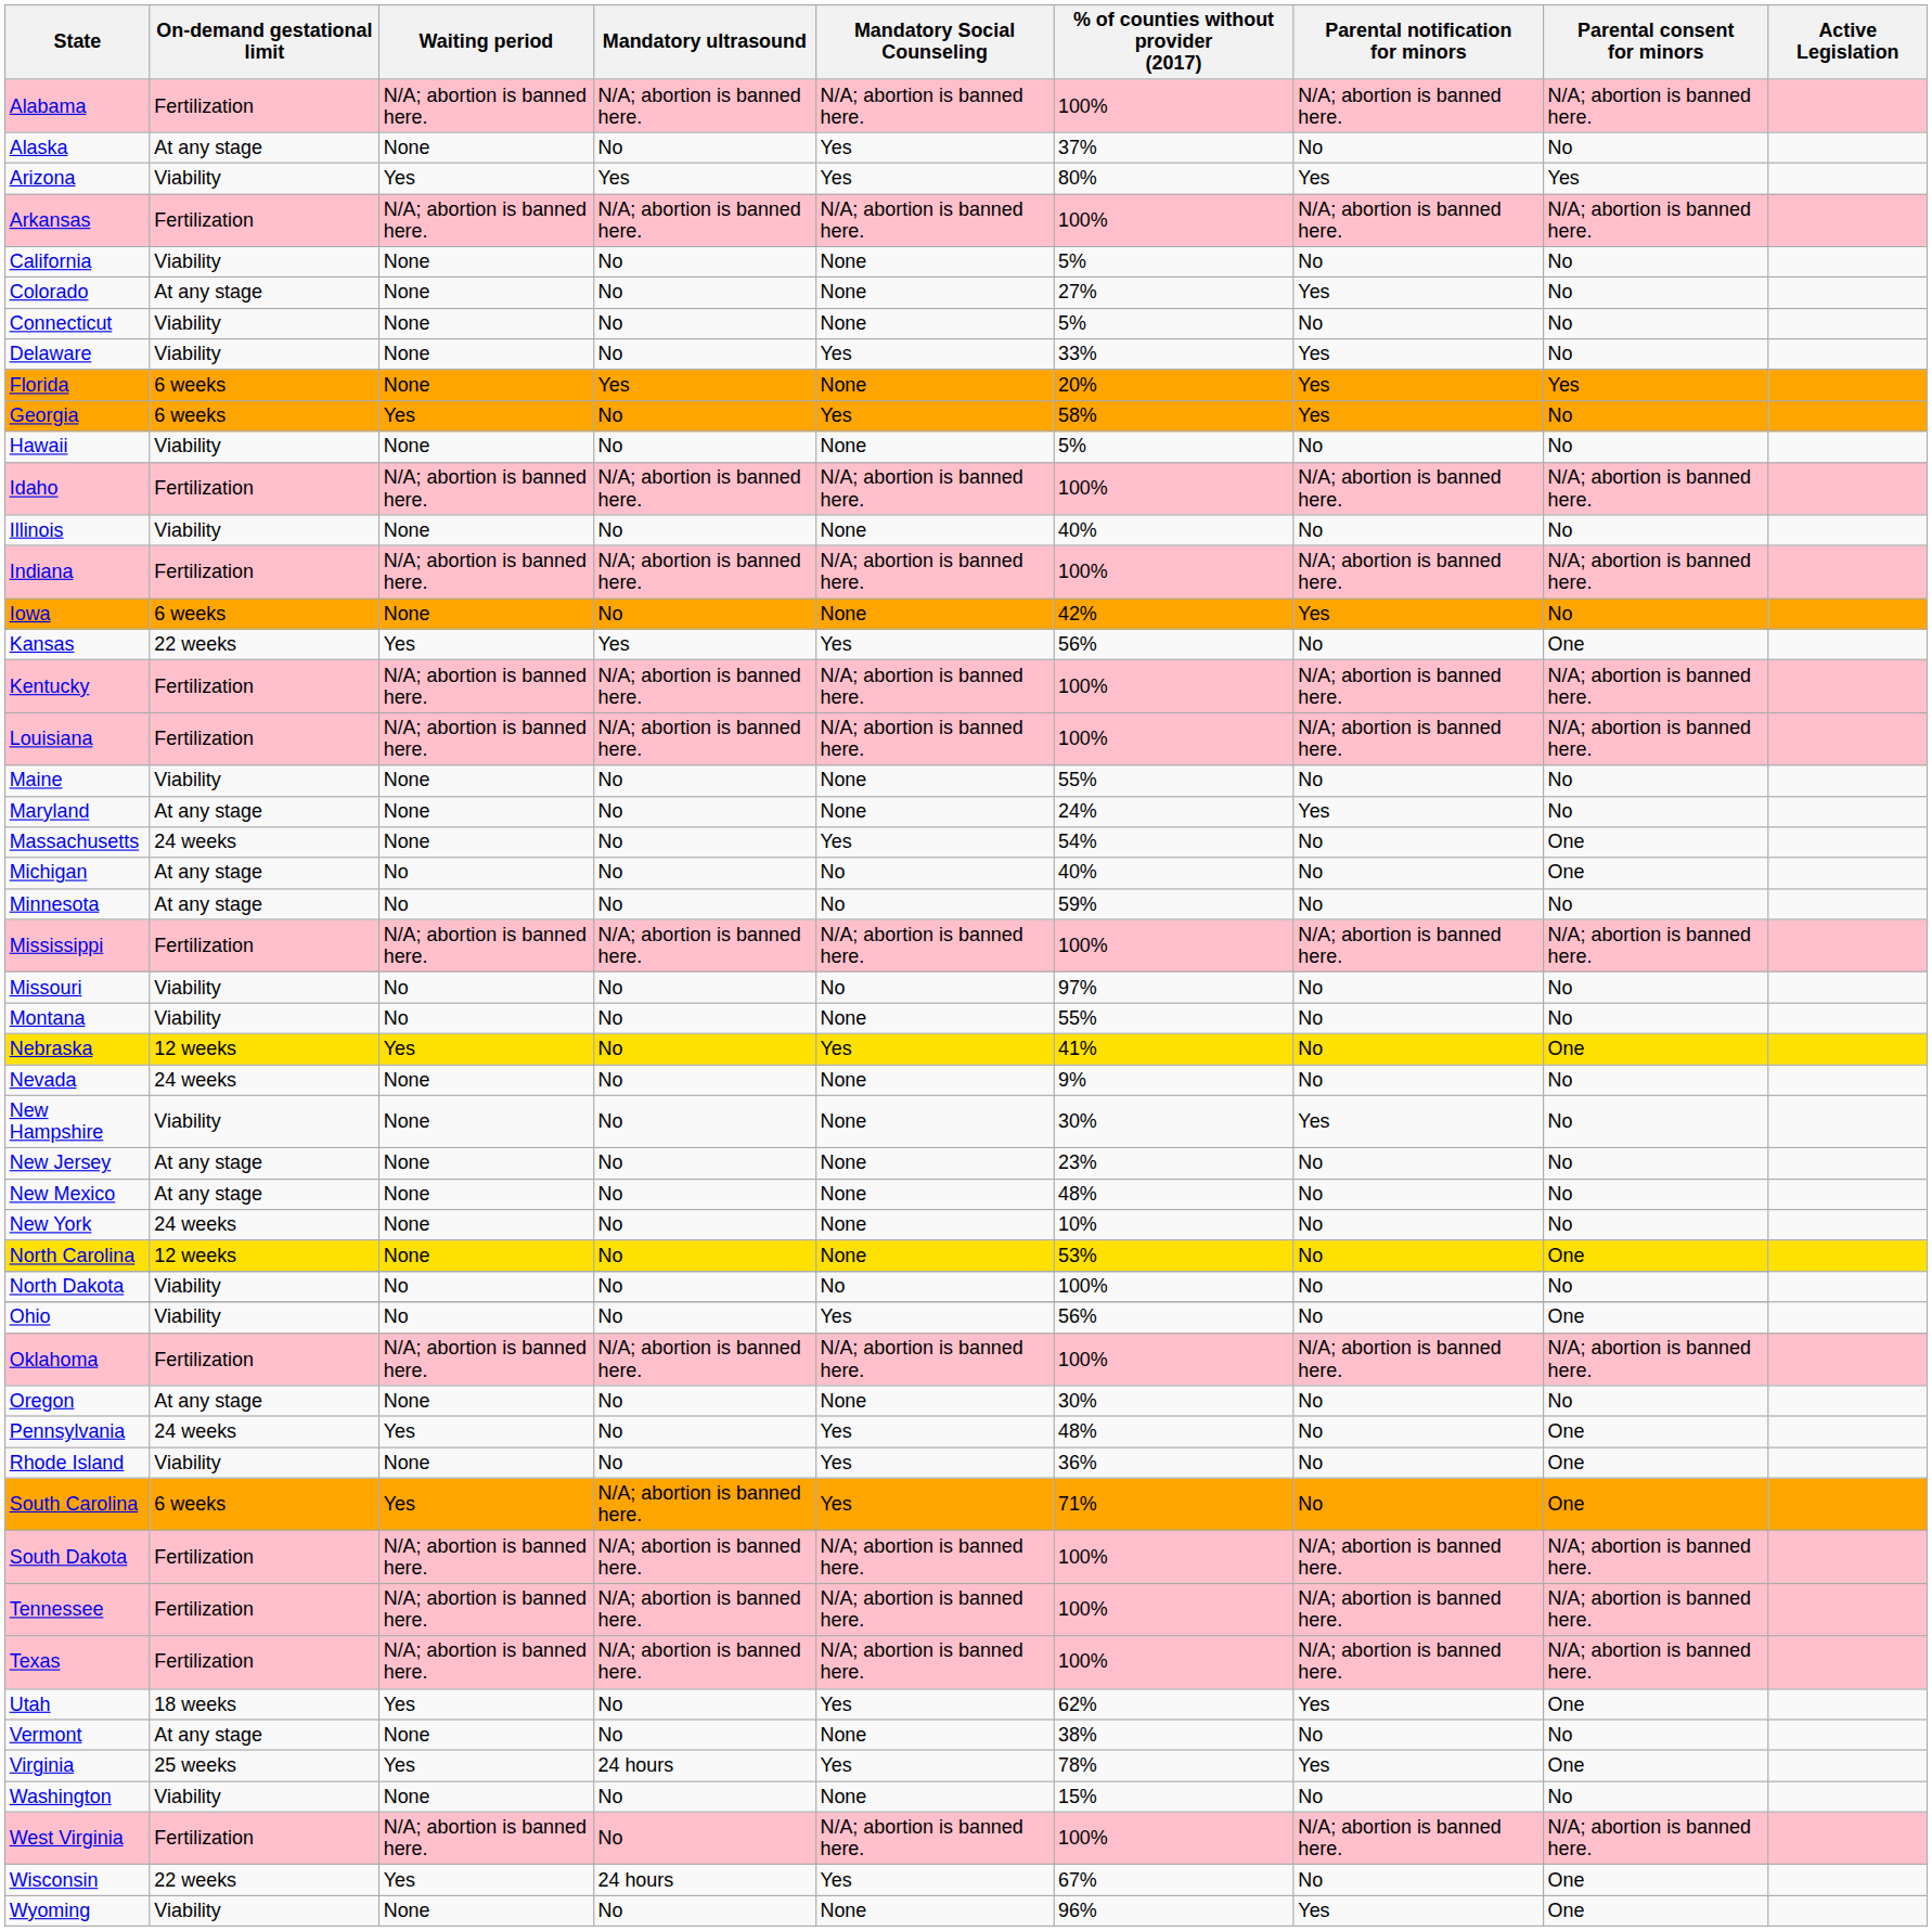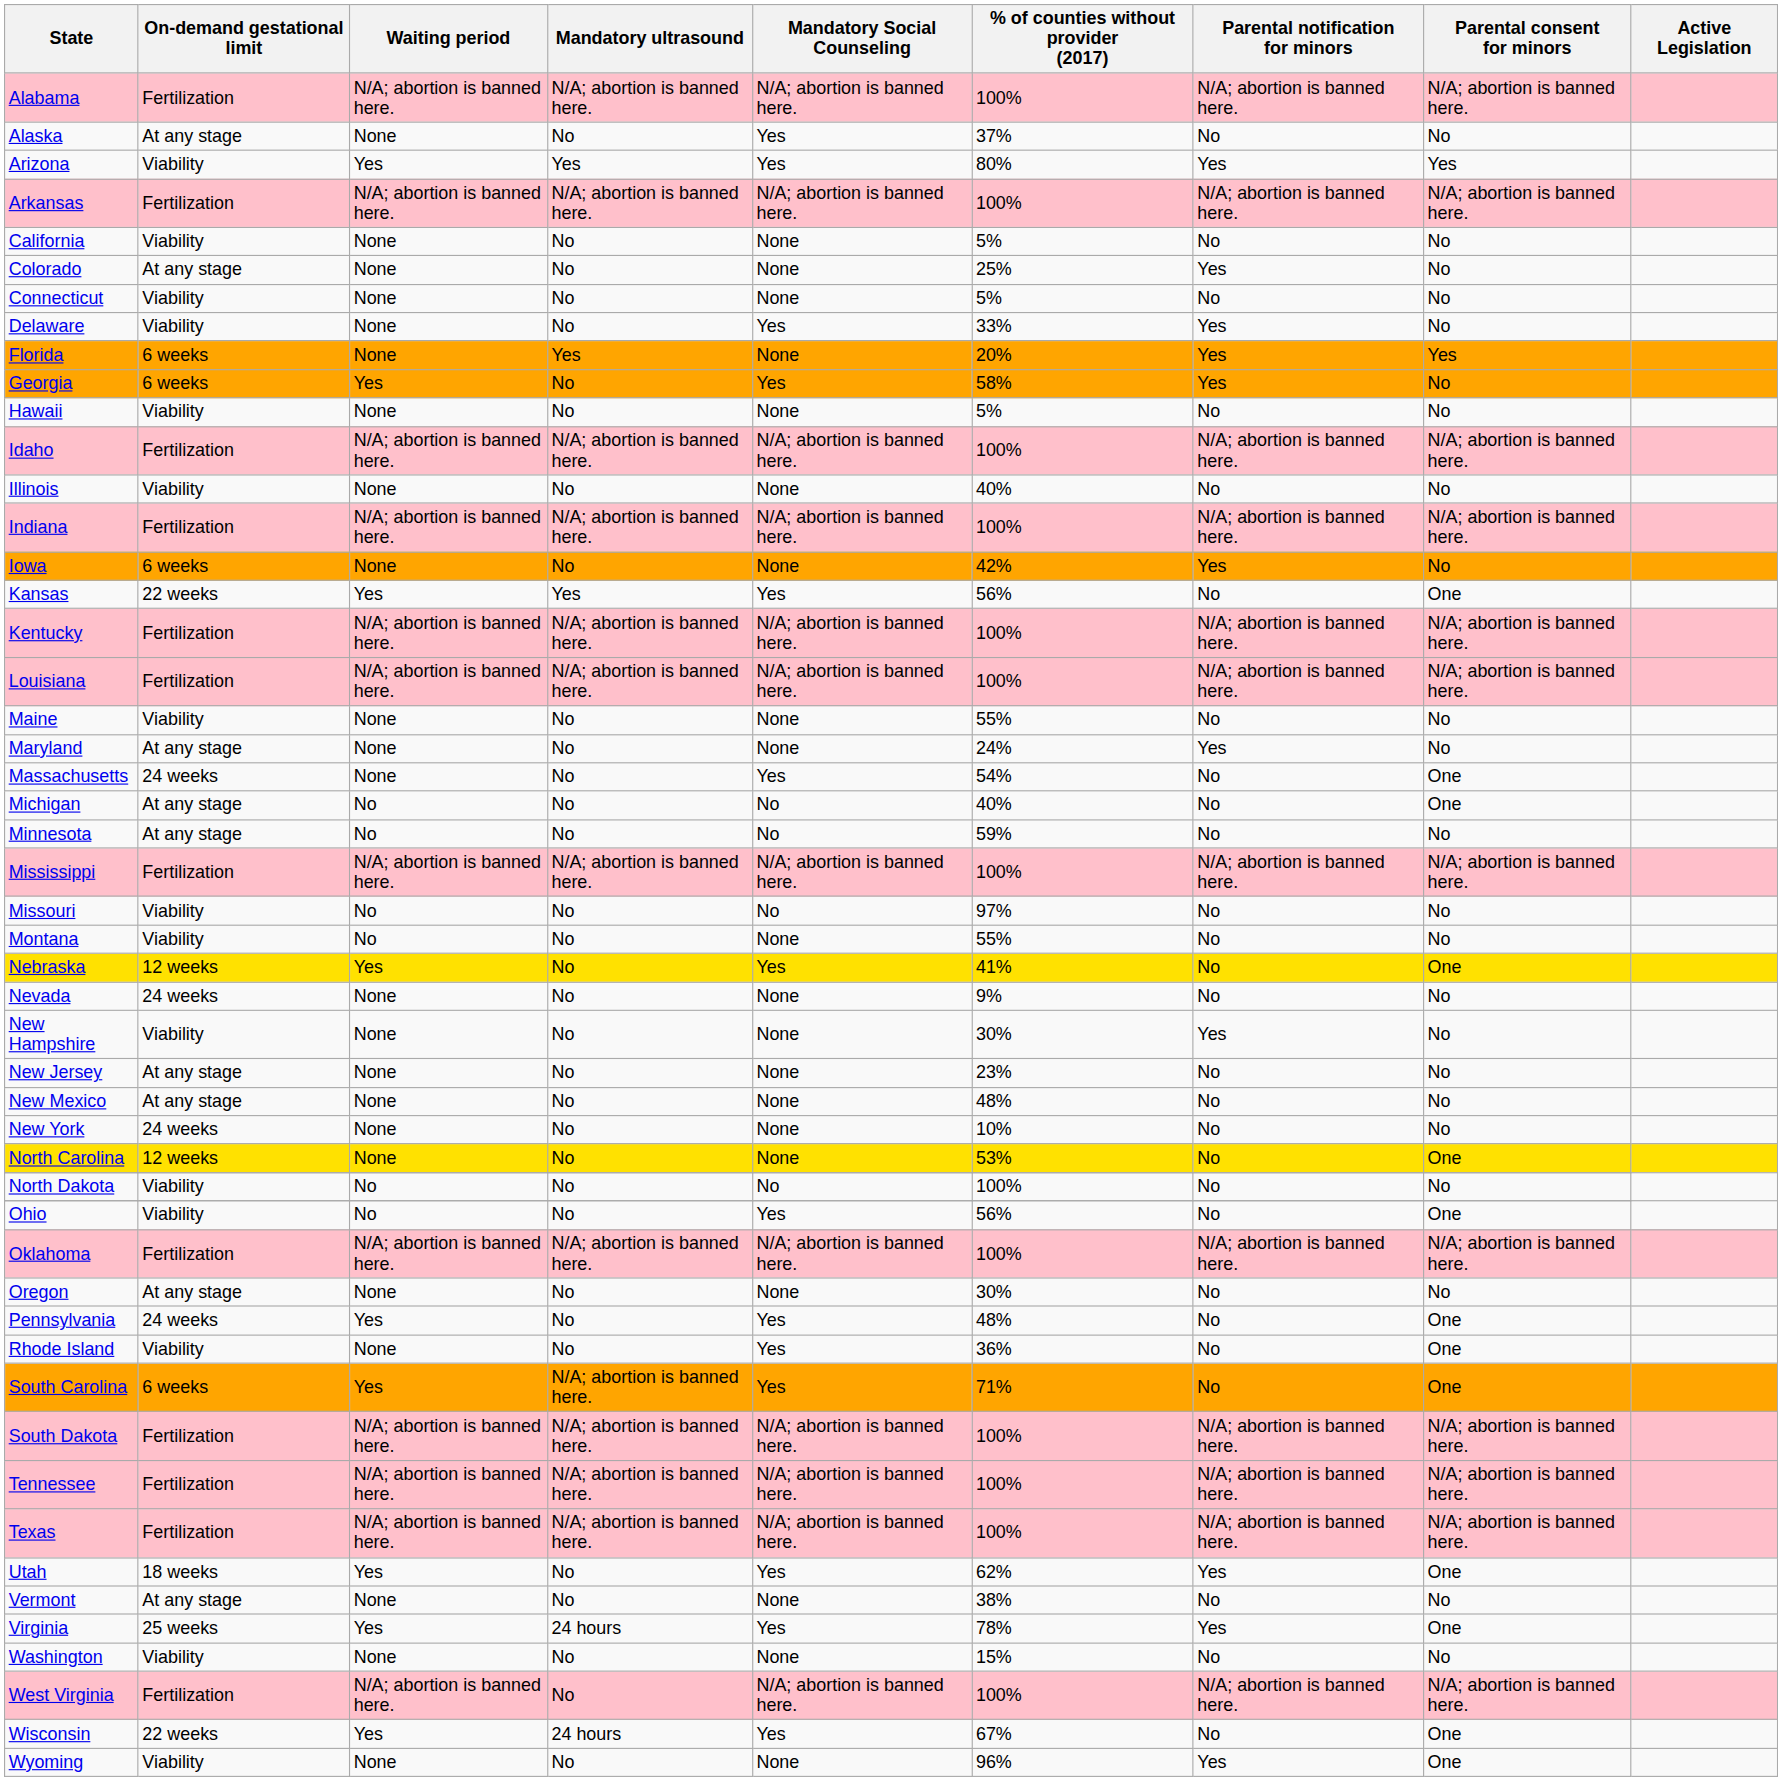 <table class="wikitable sortable" style="margin-left: auto; margin-right: auto; vertical-align: top;">
 <tr>
 <th>State</th>
 <th>On-demand gestational limit</th>
 <th>Waiting period</th>
 <th>Mandatory ultrasound</th>
 <th>Mandatory Social Counseling</th>
 <th>% of counties without provider<br>(2017)</th>
 <th>Parental notification for minors</th>
 <th>Parental consent for minors</th>
 <th>Active Legislation</th>
 </tr>
 <tr style="background:pink;">
 <td><a href='#'>Alabama</a></td>
 <td> Fertilization</td>
 <td> N/A; abortion is banned here.</td>
 <td> N/A; abortion is banned here.</td>
 <td> N/A; abortion is banned here.</td>
 <td> 100%</td>
 <td> N/A; abortion is banned here.</td>
 <td>N/A; abortion is banned here.</td>
 <td></td>
 </tr>
 <tr>
 <td><a href='#'>Alaska</a></td>
 <td> At any stage</td>
 <td> None</td>
 <td> No</td>
 <td> Yes</td>
 <td>37%</td>
 <td> No</td>
 <td> No</td>
 </tr>
 <tr>
 <td><a href='#'>Arizona</a></td>
 <td> Viability</td>
 <td> Yes</td>
 <td> Yes</td>
 <td> Yes</td>
 <td>80%</td>
 <td> Yes</td>
 <td> Yes</td>
 <td></td>
 </tr>
 <tr style="background: pink;">
 <td><a href='#'>Arkansas</a></td>
 <td> Fertilization</td>
 <td> N/A; abortion is banned here.</td>
 <td> N/A; abortion is banned here.</td>
 <td> N/A; abortion is banned here.</td>
 <td> 100%</td>
 <td> N/A; abortion is banned here.</td>
 <td>N/A; abortion is banned here.</td>
 <td></td>
 </tr>
 <tr>
 <td><a href='#'>California</a></td>
 <td> Viability</td>
 <td> None</td>
 <td> No</td>
 <td> None</td>
 <td>5%</td>
 <td> No</td>
 <td> No</td>
 <td></td>
 </tr>
 <tr>
 <td><a href='#'>Colorado</a></td>
 <td> At any stage</td>
 <td> None</td>
 <td> No</td>
 <td> None</td>
-<td>27%</td>
+<td>25%</td>
 <td>Yes</td>
 <td> No</td>
 <td></td>
 </tr>
 <tr>
 <td><a href='#'>Connecticut</a></td>
 <td> Viability</td>
 <td> None</td>
 <td> No</td>
 <td> None</td>
 <td>5%</td>
 <td> No</td>
 <td> No</td>
 <td></td>
 </tr>
 <tr>
 <td><a href='#'>Delaware</a></td>
 <td> Viability</td>
 <td> None</td>
 <td> No</td>
 <td> Yes</td>
 <td>33%</td>
 <td> Yes</td>
 <td> No</td>
 <td></td>
 </tr>
 <tr style="background:orange">
 <td><a href='#'>Florida</a></td>
 <td>6 weeks</td>
 <td> None</td>
 <td> Yes</td>
 <td> None</td>
 <td>20%</td>
 <td> Yes</td>
 <td> Yes</td>
 <td></td>
 </tr>
 <tr style="background:orange">
 <td><a href='#'>Georgia</a></td>
 <td>6 weeks</td>
 <td> Yes</td>
 <td> No</td>
 <td> Yes</td>
 <td>58%</td>
 <td> Yes</td>
 <td> No</td>
 <td></td>
 </tr>
 <tr>
 <td><a href='#'>Hawaii</a></td>
 <td> Viability</td>
 <td> None</td>
 <td> No</td>
 <td> None</td>
 <td>5%</td>
 <td> No</td>
 <td> No</td>
 <td></td>
 </tr>
 <tr style="background:pink;">
 <td><a href='#'>Idaho</a></td>
 <td> Fertilization</td>
 <td> N/A; abortion is banned here.</td>
 <td> N/A; abortion is banned here.</td>
 <td> N/A; abortion is banned here.</td>
 <td> 100%</td>
 <td> N/A; abortion is banned here.</td>
 <td>N/A; abortion is banned here.</td>
 <td></td>
 </tr>
 <tr>
 <td><a href='#'>Illinois</a></td>
 <td> Viability</td>
 <td> None</td>
 <td> No</td>
 <td> None</td>
 <td>40%</td>
 <td> No</td>
 <td> No</td>
 <td></td>
 </tr>
 <tr style="background:pink;">
 <td><a href='#'>Indiana</a></td>
 <td> Fertilization</td>
 <td> N/A; abortion is banned here.</td>
 <td> N/A; abortion is banned here.</td>
 <td> N/A; abortion is banned here.</td>
 <td> 100%</td>
 <td> N/A; abortion is banned here.</td>
 <td>N/A; abortion is banned here.</td>
 <td></td>
 </tr>
 <tr style="background:orange;">
 <td><a href='#'>Iowa</a></td>
 <td> 6 weeks</td>
 <td> None</td>
 <td> No</td>
 <td> None</td>
 <td>42%</td>
 <td> Yes</td>
 <td> No</td>
 <td></td>
 </tr>
 <tr>
 <td><a href='#'>Kansas</a></td>
 <td> 22 weeks</td>
 <td> Yes</td>
 <td> Yes</td>
 <td> Yes</td>
 <td>56%</td>
 <td> No</td>
 <td>One</td>
 <td></td>
 </tr>
 <tr style="background:pink;">
 <td><a href='#'>Kentucky</a></td>
 <td> Fertilization</td>
 <td> N/A; abortion is banned here.</td>
 <td> N/A; abortion is banned here.</td>
 <td> N/A; abortion is banned here.</td>
 <td> 100%</td>
 <td> N/A; abortion is banned here.</td>
 <td>N/A; abortion is banned here.</td>
 <td></td>
 </tr>
 <tr style="background: pink;">
 <td><a href='#'>Louisiana</a></td>
 <td> Fertilization</td>
 <td> N/A; abortion is banned here.</td>
 <td> N/A; abortion is banned here.</td>
 <td> N/A; abortion is banned here.</td>
 <td> 100%</td>
 <td> N/A; abortion is banned here.</td>
 <td>N/A; abortion is banned here.</td>
 <td></td>
 </tr>
 <tr>
 <td><a href='#'>Maine</a></td>
 <td> Viability</td>
 <td> None</td>
 <td> No</td>
 <td> None</td>
 <td>55%</td>
 <td> No</td>
 <td> No</td>
 <td></td>
 </tr>
 <tr>
 <td><a href='#'>Maryland</a></td>
 <td>At any stage</td>
 <td> None</td>
 <td> No</td>
 <td> None</td>
 <td>24%</td>
 <td> Yes</td>
 <td> No</td>
 <td></td>
 </tr>
 <tr>
 <td><a href='#'>Massachusetts</a></td>
 <td> 24 weeks</td>
 <td> None</td>
 <td> No</td>
 <td> Yes</td>
 <td>54%</td>
 <td> No</td>
 <td>One</td>
 <td></td>
 </tr>
 <tr>
 <td><a href='#'>Michigan</a></td>
 <td>At any stage</td>
 <td> No</td>
 <td> No</td>
 <td> No</td>
 <td>40%</td>
 <td> No</td>
 <td>One</td>
 <td></td>
 </tr>
 <tr>
 <td><a href='#'>Minnesota</a></td>
 <td> At any stage</td>
 <td> No</td>
 <td> No</td>
 <td> No</td>
 <td>59%</td>
 <td> No</td>
 <td> No</td>
 <td></td>
 </tr>
 <tr style="background:pink;">
 <td><a href='#'>Mississippi</a></td>
 <td> Fertilization</td>
 <td> N/A; abortion is banned here.</td>
 <td> N/A; abortion is banned here.</td>
 <td> N/A; abortion is banned here.</td>
 <td> 100%</td>
 <td> N/A; abortion is banned here.</td>
 <td>N/A; abortion is banned here.</td>
 <td></td>
 </tr>
 <tr>
 <td><a href='#'>Missouri</a></td>
 <td> Viability</td>
 <td> No</td>
 <td> No</td>
 <td> No</td>
 <td> 97%</td>
 <td> No</td>
 <td> No</td>
 <td></td>
 </tr>
 <tr>
 <td><a href='#'>Montana</a></td>
 <td> Viability</td>
 <td> No</td>
 <td> No</td>
 <td> None</td>
 <td>55%</td>
 <td> No</td>
 <td> No</td>
 <td></td>
 </tr>
 <tr style="background: #ffe100;">
 <td><a href='#'>Nebraska</a></td>
 <td> 12 weeks</td>
 <td> Yes</td>
 <td> No</td>
 <td> Yes</td>
 <td>41%</td>
 <td> No</td>
 <td>One</td>
 <td></td>
 </tr>
 <tr>
 <td><a href='#'>Nevada</a></td>
 <td> 24 weeks</td>
 <td> None</td>
 <td> No</td>
 <td> None</td>
 <td>9%</td>
 <td> No</td>
 <td> No</td>
 <td></td>
 </tr>
 <tr>
 <td><a href='#'>New Hampshire</a></td>
 <td> Viability</td>
 <td> None</td>
 <td> No</td>
 <td> None</td>
 <td>30%</td>
 <td> Yes</td>
 <td> No</td>
 <td></td>
 </tr>
 <tr>
 <td><a href='#'>New Jersey</a></td>
 <td> At any stage</td>
 <td> None</td>
 <td> No</td>
 <td> None</td>
 <td>23%</td>
 <td> No</td>
 <td> No</td>
 <td></td>
 </tr>
 <tr>
 <td><a href='#'>New Mexico</a></td>
 <td> At any stage</td>
 <td> None</td>
 <td> No</td>
 <td> None</td>
 <td>48%</td>
 <td> No</td>
 <td> No</td>
 <td></td>
 </tr>
 <tr>
 <td><a href='#'>New York</a></td>
 <td> 24 weeks</td>
 <td> None</td>
 <td> No</td>
 <td> None</td>
 <td>10%</td>
 <td> No</td>
 <td> No</td>
 <td></td>
 </tr>
 <tr style="background: #ffe100;">
 <td><a href='#'>North Carolina</a></td>
 <td> 12 weeks</td>
 <td> None</td>
 <td> No</td>
 <td> None</td>
 <td>53%</td>
 <td> No</td>
 <td>One</td>
 <td></td>
 </tr>
 <tr>
 </tr>
 <tr>
 <td><a href='#'>North Dakota</a></td>
 <td> Viability</td>
 <td> No</td>
 <td> No</td>
 <td> No</td>
 <td> 100%</td>
 <td> No</td>
 <td> No</td>
 </tr>
 <tr>
 </tr>
 <tr>
 <td><a href='#'>Ohio</a></td>
 <td> Viability</td>
 <td> No</td>
 <td> No</td>
 <td> Yes</td>
 <td>56%</td>
 <td> No</td>
 <td>One</td>
 <td></td>
 </tr>
 <tr style="background:pink;">
 <td><a href='#'>Oklahoma</a></td>
 <td> Fertilization</td>
 <td> N/A; abortion is banned here.</td>
 <td> N/A; abortion is banned here.</td>
 <td> N/A; abortion is banned here.</td>
 <td> 100%</td>
 <td> N/A; abortion is banned here.</td>
 <td>N/A; abortion is banned here.</td>
 <td></td>
 </tr>
 <tr>
 <td><a href='#'>Oregon</a></td>
 <td> At any stage</td>
 <td> None</td>
 <td> No</td>
 <td> None</td>
 <td>30%</td>
 <td> No</td>
 <td> No</td>
 <td></td>
 </tr>
 <tr>
 <td><a href='#'>Pennsylvania</a></td>
 <td> 24 weeks</td>
 <td> Yes</td>
 <td> No</td>
 <td> Yes</td>
 <td>48%</td>
 <td> No</td>
 <td>One</td>
 <td></td>
 </tr>
 <tr>
 <td><a href='#'>Rhode Island</a></td>
 <td> Viability</td>
 <td> None</td>
 <td> No</td>
 <td> Yes</td>
 <td>36%</td>
 <td> No</td>
 <td>One</td>
 <td></td>
 </tr>
 <tr style="background:orange;">
 <td><a href='#'>South Carolina</a></td>
 <td>  6 weeks</td>
 <td> Yes</td>
 <td> N/A; abortion is banned here.</td>
 <td> Yes</td>
 <td>71%</td>
 <td> No</td>
 <td>One</td>
 <td></td>
 </tr>
 <tr style="background:pink;">
 <td><a href='#'>South Dakota</a></td>
 <td> Fertilization</td>
 <td> N/A; abortion is banned here.</td>
 <td> N/A; abortion is banned here.</td>
 <td> N/A; abortion is banned here.</td>
 <td> 100%</td>
 <td> N/A; abortion is banned here.</td>
 <td>N/A; abortion is banned here.</td>
 <td></td>
 </tr>
 <tr style="background: pink;">
 <td><a href='#'>Tennessee</a></td>
 <td> Fertilization</td>
 <td> N/A; abortion is banned here.</td>
 <td> N/A; abortion is banned here.</td>
 <td> N/A; abortion is banned here.</td>
 <td> 100%</td>
 <td> N/A; abortion is banned here.</td>
 <td>N/A; abortion is banned here.</td>
 <td></td>
 </tr>
 <tr style="background: pink;">
 <td><a href='#'>Texas</a></td>
 <td> Fertilization</td>
 <td> N/A; abortion is banned here.</td>
 <td> N/A; abortion is banned here.</td>
 <td> N/A; abortion is banned here.</td>
 <td> 100%</td>
 <td> N/A; abortion is banned here.</td>
 <td>N/A; abortion is banned here.</td>
 <td></td>
 </tr>
 <tr>
 <td><a href='#'>Utah</a></td>
 <td> 18 weeks</td>
 <td> Yes</td>
 <td> No</td>
 <td> Yes</td>
 <td>62%</td>
 <td> Yes</td>
 <td>One</td>
 <td></td>
 </tr>
 <tr>
 <td><a href='#'>Vermont</a></td>
 <td> At any stage</td>
 <td> None</td>
 <td> No</td>
 <td> None</td>
 <td>38%</td>
 <td> No</td>
 <td> No</td>
 <td></td>
 </tr>
 <tr>
 <td><a href='#'>Virginia</a></td>
 <td> 25 weeks</td>
 <td> Yes</td>
 <td> 24 hours</td>
 <td> Yes</td>
 <td>78%</td>
 <td> Yes</td>
 <td>One</td>
 <td></td>
 </tr>
 <tr>
 <td><a href='#'>Washington</a></td>
 <td> Viability</td>
 <td> None</td>
 <td> No</td>
 <td> None</td>
 <td>15%</td>
 <td> No</td>
 <td> No</td>
 <td></td>
 </tr>
 <tr style="background:pink;">
 <td><a href='#'>West Virginia</a></td>
 <td> Fertilization</td>
 <td> N/A; abortion is banned here.</td>
 <td> No</td>
 <td> N/A; abortion is banned here.</td>
 <td> 100%</td>
 <td> N/A; abortion is banned here.</td>
 <td>N/A; abortion is banned here.</td>
 <td></td>
 </tr>
 <tr>
 <td><a href='#'>Wisconsin</a></td>
 <td> 22 weeks</td>
 <td> Yes</td>
 <td> 24 hours</td>
 <td> Yes</td>
 <td>67%</td>
 <td> No</td>
 <td>One</td>
 <td></td>
 </tr>
 <tr>
 <td><a href='#'>Wyoming</a></td>
 <td> Viability</td>
 <td> None</td>
 <td> No</td>
 <td> None</td>
 <td>96%</td>
 <td> Yes</td>
 <td>One</td>
 <td></td>
 </tr>
 </table>
